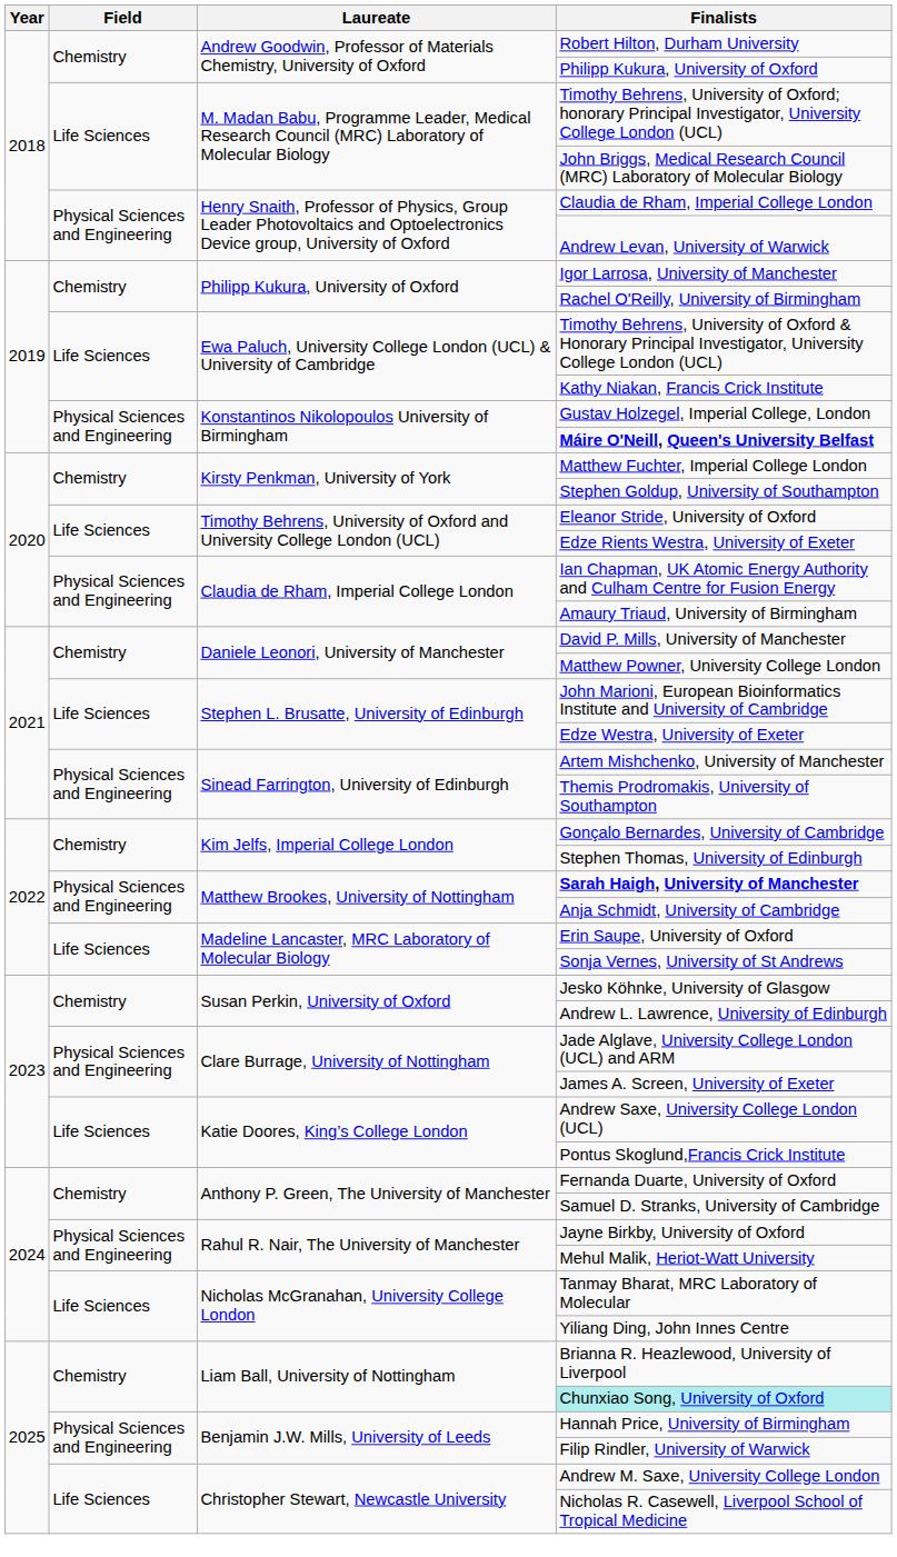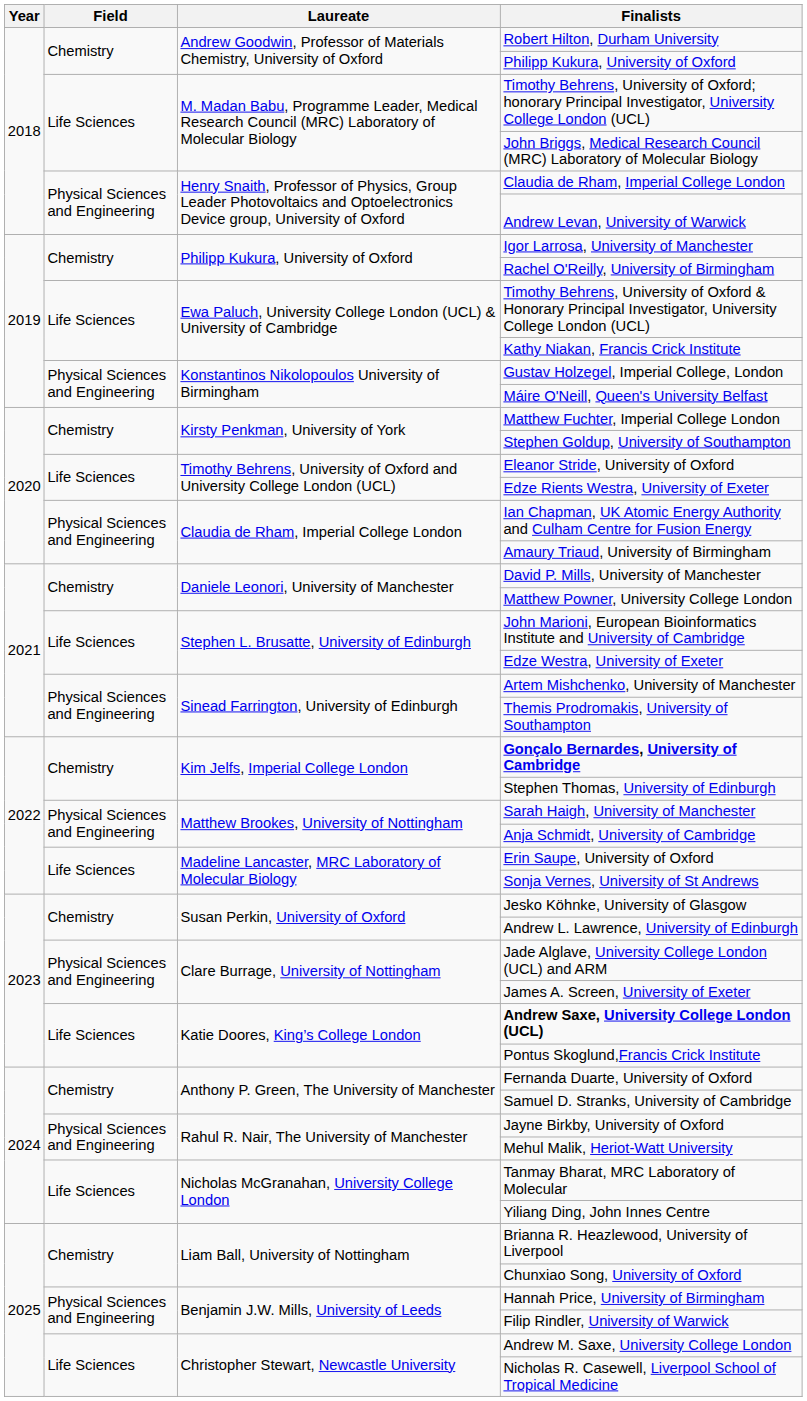 <table class="wikitable ">
 <tr>
 <th>Year</th>
 <th>Field</th>
 <th>Laureate</th>
 <th>Finalists</th>
 </tr>
 <tr>
 <td rowspan="6">2018</td>
 <td rowspan="2">Chemistry</td>
 <td rowspan="2"><a href='#'>Andrew Goodwin</a>, Professor of Materials Chemistry, University of Oxford</td>
 <td><a href='#'>Robert Hilton</a>, <a href='#'>Durham University</a></td>
 </tr>
 <tr>
 <td><a href='#'>Philipp Kukura</a>, <a href='#'>University of Oxford</a></td>
 </tr>
 <tr>
 <td rowspan="2">Life Sciences</td>
 <td rowspan="2"><a href='#'>M. Madan Babu</a>, Programme Leader, Medical Research Council (MRC) Laboratory of Molecular Biology</td>
 <td><a href='#'>Timothy Behrens</a>, University of Oxford; honorary Principal Investigator, <a href='#'>University College London</a> (UCL)</td>
 </tr>
 <tr>
 <td><a href='#'>John Briggs</a>, <a href='#'>Medical Research Council</a> (MRC) Laboratory of Molecular Biology</td>
 </tr>
 <tr>
 <td rowspan="2">Physical Sciences and Engineering</td>
 <td rowspan="2"><a href='#'>Henry Snaith</a>, Professor of Physics, Group Leader Photovoltaics and Optoelectronics Device group, University of Oxford</td>
 <td><a href='#'>Claudia de Rham</a>, <a href='#'>Imperial College London</a></td>
 </tr>
 <tr>
 <td><br><a href='#'>Andrew Levan</a>, <a href='#'>University of Warwick</a></td>
 </tr>
 <tr>
 <td rowspan="6">2019</td>
 <td rowspan="2">Chemistry</td>
 <td rowspan="2"><a href='#'>Philipp Kukura</a>, University of Oxford</td>
 <td><a href='#'>Igor Larrosa</a>, <a href='#'>University of Manchester</a></td>
 </tr>
 <tr>
 <td><a href='#'>Rachel O'Reilly</a>, <a href='#'>University of Birmingham</a></td>
 </tr>
 <tr>
 <td rowspan="2">Life Sciences</td>
 <td rowspan="2"><a href='#'>Ewa Paluch</a>, University College London (UCL) & University of Cambridge</td>
 <td><a href='#'>Timothy Behrens</a>, University of Oxford & Honorary Principal Investigator, University College London (UCL)</td>
 </tr>
 <tr>
 <td><a href='#'>Kathy Niakan</a>, <a href='#'>Francis Crick Institute</a></td>
 </tr>
 <tr>
 <td rowspan="2">Physical Sciences and Engineering</td>
 <td rowspan="2"><a href='#'>Konstantinos Nikolopoulos</a> University of Birmingham</td>
 <td><a href='#'>Gustav Holzegel</a>, Imperial College, London</td>
 </tr>
 <tr>
-<td><strong><a href='#'>Máire O'Neill</a>, <a href='#'>Queen's University Belfast</a></strong></td>
+<td><a href='#'>Máire O'Neill</a>, <a href='#'>Queen's University Belfast</a></td>
 </tr>
 <tr |->
 <td rowspan="6">2020</td>
 <td rowspan="2">Chemistry</td>
 <td rowspan="2"><a href='#'>Kirsty Penkman</a>, University of York</td>
 <td><a href='#'>Matthew Fuchter</a>, Imperial College London</td>
 </tr>
 <tr>
 <td><a href='#'>Stephen Goldup</a>, <a href='#'>University of Southampton</a></td>
 </tr>
 <tr>
 <td rowspan="2">Life Sciences</td>
 <td rowspan="2"><a href='#'>Timothy Behrens</a>, University of Oxford and University College London (UCL)</td>
 <td><a href='#'>Eleanor Stride</a>, University of Oxford</td>
 </tr>
 <tr>
 <td><a href='#'>Edze Rients Westra</a>, <a href='#'>University of Exeter</a></td>
 </tr>
 <tr>
 <td rowspan="2">Physical Sciences and Engineering</td>
 <td rowspan="2"><a href='#'>Claudia de Rham</a>, Imperial College London</td>
 <td><a href='#'>Ian Chapman</a>, <a href='#'>UK Atomic Energy Authority</a> and <a href='#'>Culham Centre for Fusion Energy</a></td>
 </tr>
 <tr>
 <td><a href='#'>Amaury Triaud</a>, University of Birmingham</td>
 </tr>
 <tr |->
 <td rowspan="6">2021</td>
 <td rowspan="2">Chemistry</td>
 <td rowspan="2"><a href='#'>Daniele Leonori</a>, University of Manchester</td>
 <td><a href='#'>David P. Mills</a>, University of Manchester</td>
 </tr>
 <tr>
 <td><a href='#'>Matthew Powner</a>, University College London</td>
 </tr>
 <tr>
 <td rowspan="2">Life Sciences</td>
 <td rowspan="2"><a href='#'>Stephen L. Brusatte</a>, <a href='#'>University of Edinburgh</a></td>
 <td><a href='#'>John Marioni</a>, European Bioinformatics Institute and <a href='#'>University of Cambridge</a></td>
 </tr>
 <tr>
 <td><a href='#'>Edze Westra</a>, <a href='#'>University of Exeter</a></td>
 </tr>
 <tr>
 <td rowspan="2">Physical Sciences and Engineering</td>
 <td rowspan="2"><a href='#'>Sinead Farrington</a>, University of Edinburgh</td>
 <td><a href='#'>Artem Mishchenko</a>, University of Manchester</td>
 </tr>
 <tr>
 <td><a href='#'>Themis Prodromakis</a>, <a href='#'>University of Southampton</a></td>
 </tr>
 <tr>
 <td rowspan="6">2022</td>
 <td rowspan="2">Chemistry</td>
 <td rowspan="2"><a href='#'>Kim Jelfs</a>, <a href='#'>Imperial College London</a></td>
-<td><a href='#'>Gonçalo Bernardes</a>, <a href='#'>University of Cambridge</a></td>
+<td><strong><a href='#'>Gonçalo Bernardes</a>, <a href='#'>University of Cambridge</a></strong></td>
 </tr>
 <tr>
 <td>Stephen Thomas, <a href='#'>University of Edinburgh</a></td>
 </tr>
 <tr>
 <td rowspan="2">Physical Sciences and Engineering</td>
 <td rowspan="2"><a href='#'>Matthew Brookes</a>, <a href='#'>University of Nottingham</a></td>
-<td><strong><a href='#'>Sarah Haigh</a>, <a href='#'>University of Manchester</a></strong></td>
+<td><a href='#'>Sarah Haigh</a>, <a href='#'>University of Manchester</a></td>
 </tr>
 <tr>
 <td><a href='#'>Anja Schmidt</a>, <a href='#'>University of Cambridge</a></td>
 </tr>
 <tr>
 <td rowspan="2">Life Sciences</td>
 <td rowspan="2"><a href='#'>Madeline Lancaster</a>, <a href='#'>MRC Laboratory of Molecular Biology</a></td>
 <td><a href='#'>Erin Saupe</a>, University of Oxford</td>
 </tr>
 <tr>
 <td><a href='#'>Sonja Vernes</a>, <a href='#'>University of St Andrews</a></td>
 </tr>
 <tr>
 <td rowspan="6">2023</td>
 <td rowspan="2">Chemistry</td>
 <td rowspan="2">Susan Perkin, <a href='#'>University of Oxford</a></td>
 <td>Jesko Köhnke, University of Glasgow</td>
 </tr>
 <tr>
 <td>Andrew L. Lawrence, <a href='#'>University of Edinburgh</a></td>
 </tr>
 <tr>
 <td rowspan="2">Physical Sciences and Engineering</td>
 <td rowspan="2">Clare Burrage, <a href='#'>University of Nottingham</a></td>
 <td>Jade Alglave, <a href='#'>University College London</a> (UCL) and ARM</td>
 </tr>
 <tr>
 <td>James A. Screen, <a href='#'>University of Exeter</a></td>
 </tr>
 <tr>
 <td rowspan="2">Life Sciences</td>
 <td rowspan="2">Katie Doores, <a href='#'>King’s College London</a></td>
-<td>Andrew Saxe, <a href='#'>University College London</a> (UCL)</td>
+<td><strong>Andrew Saxe, <a href='#'>University College London</a> (UCL)</strong></td>
 </tr>
 <tr>
 <td>Pontus Skoglund,<a href='#'>Francis Crick Institute</a></td>
 </tr>
 <tr>
 <td rowspan="6">2024</td>
 <td rowspan="2">Chemistry</td>
 <td rowspan="2">Anthony P. Green, The University of Manchester</td>
 <td>Fernanda Duarte, University of Oxford</td>
 </tr>
 <tr>
 <td>Samuel D. Stranks, University of Cambridge</td>
 </tr>
 <tr>
 <td rowspan="2">Physical Sciences and Engineering</td>
 <td rowspan="2">Rahul R. Nair, The University of Manchester</td>
 <td>Jayne Birkby, University of Oxford</td>
 </tr>
 <tr>
 <td>Mehul Malik, <a href='#'>Heriot-Watt University</a></td>
 </tr>
 <tr>
 <td rowspan="2">Life Sciences</td>
 <td rowspan="2">Nicholas McGranahan, <a href='#'>University College London</a></td>
 <td>Tanmay Bharat, MRC Laboratory of Molecular</td>
 </tr>
 <tr>
 <td>Yiliang Ding, John Innes Centre</td>
 </tr>
 <tr>
 <td rowspan="6">2025</td>
 <td rowspan="2">Chemistry</td>
 <td rowspan="2">Liam Ball, University of Nottingham</td>
 <td>Brianna R. Heazlewood, University of Liverpool</td>
 </tr>
 <tr>
-<td style="background: paleturquoise;">Chunxiao Song, <a href='#'>University of Oxford</a></td>
+<td>Chunxiao Song, <a href='#'>University of Oxford</a></td>
 </tr>
 <tr>
 <td rowspan="2">Physical Sciences and Engineering</td>
 <td rowspan="2">Benjamin J.W. Mills, <a href='#'>University of Leeds</a></td>
 <td>Hannah Price, <a href='#'>University of Birmingham</a></td>
 </tr>
 <tr>
 <td>Filip Rindler, <a href='#'>University of Warwick</a></td>
 </tr>
 <tr>
 <td rowspan="2">Life Sciences</td>
 <td rowspan="2">Christopher Stewart, <a href='#'>Newcastle University</a></td>
 <td>Andrew M. Saxe, <a href='#'>University College London</a></td>
 </tr>
 <tr>
 <td>Nicholas R. Casewell, <a href='#'>Liverpool School of Tropical Medicine</a></td>
 </tr>
 </table>
